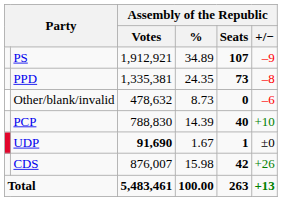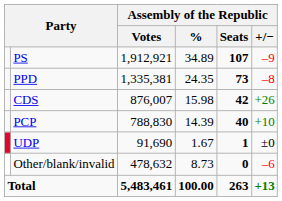 <table class="wikitable" style="text-align:right; font-size:95%;">
 <tr>
 <th colspan="2" rowspan="2">Party</th>
 <th colspan="4">Assembly of the Republic</th>
 </tr>
 <tr>
 <th>Votes</th>
 <th>%</th>
 <th>Seats</th>
 <th>+/−</th>
 </tr>
 <tr>
 <td style="background:"></td>
 <td align="left"><a href='#'>PS</a></td>
 <td>1,912,921</td>
 <td>34.89</td>
 <td><strong>107</strong></td>
 <td style="color:red;">–9</td>
 </tr>
 <tr>
 <td style="background:"></td>
 <td align="left"><a href='#'>PPD</a></td>
 <td>1,335,381</td>
 <td>24.35</td>
 <td><strong>73</strong></td>
 <td style="color:red;">–8</td>
 </tr>
 <tr>
-<td style="background:white;"></td>
-<td align="left">Other/blank/invalid</td>
-<td>478,632</td>
-<td>8.73</td>
-<td><strong>0</strong></td>
-<td style="color:red;">–6</td>
+<td style="background:"></td>
+<td align="left"><a href='#'>CDS</a></td>
+<td>876,007</td>
+<td>15.98</td>
+<td><strong>42</strong></td>
+<td style="color:green;">+26</td>
 </tr>
 <tr>
 <td style="background:"></td>
 <td align="left"><a href='#'>PCP</a></td>
 <td>788,830</td>
 <td>14.39</td>
 <td><strong>40</strong></td>
 <td style="color:green;">+10</td>
 </tr>
 <tr>
 <td style="background:#E2062C;"></td>
 <td align=left><a href='#'>UDP</a></td>
-<td><strong>91,690</strong></td>
+<td>91,690</td>
 <td>1.67</td>
 <td><strong>1</strong></td>
 <td>±0</td>
 </tr>
 <tr>
-<td style="background:"></td>
-<td align="left"><a href='#'>CDS</a></td>
-<td>876,007</td>
-<td>15.98</td>
-<td><strong>42</strong></td>
-<td style="color:green;">+26</td>
+<td style="background:white;"></td>
+<td align="left">Other/blank/invalid</td>
+<td>478,632</td>
+<td>8.73</td>
+<td><strong>0</strong></td>
+<td style="color:red;">–6</td>
 </tr>
 <tr style="font-weight:bold">
 <td colspan="2" align="left">Total</td>
 <td>5,483,461</td>
 <td>100.00</td>
 <td>263</td>
 <td style="color:green;">+13</td>
 </tr>
 </table>
